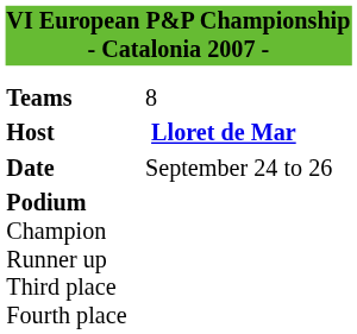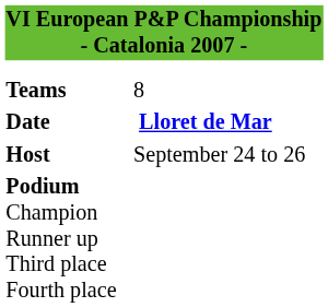 <table class="toccolours" style="float: right; margin: 0 0 1em 1em; font-size: 90%;">
 <tr>
 <td colspan="2" style="background: #66bb33; text-align: center;"><strong>VI European P&P Championship <br>- Catalonia 2007 -</strong></td>
 </tr>
 <tr>
 <td colspan="2" style="text-align: center;"></td>
 </tr>
 <tr style="vertical-align:top;">
 <td colspan=2></td>
 </tr>
 <tr style="vertical-align:top;">
 <td><strong>Teams</strong></td>
 <td>8</td>
 </tr>
 <tr style="vertical-align:top;">
-<td><strong>Host</strong></td>
+<td><strong>Date</strong></td>
 <td><strong> <a href='#'>Lloret de Mar</a></strong></td>
 </tr>
 <tr style="vertical-align:top;">
-<td><strong>Date</strong></td>
+<td><strong>Host</strong></td>
 <td>September 24 to 26</td>
 </tr>
 <tr style="vertical-align:top;">
 <td><strong>Podium</strong><br> Champion<br> Runner up<br> Third place<br>Fourth place</td>
 <td><br> <br><br> <br></td>
 </tr>
 </table>
